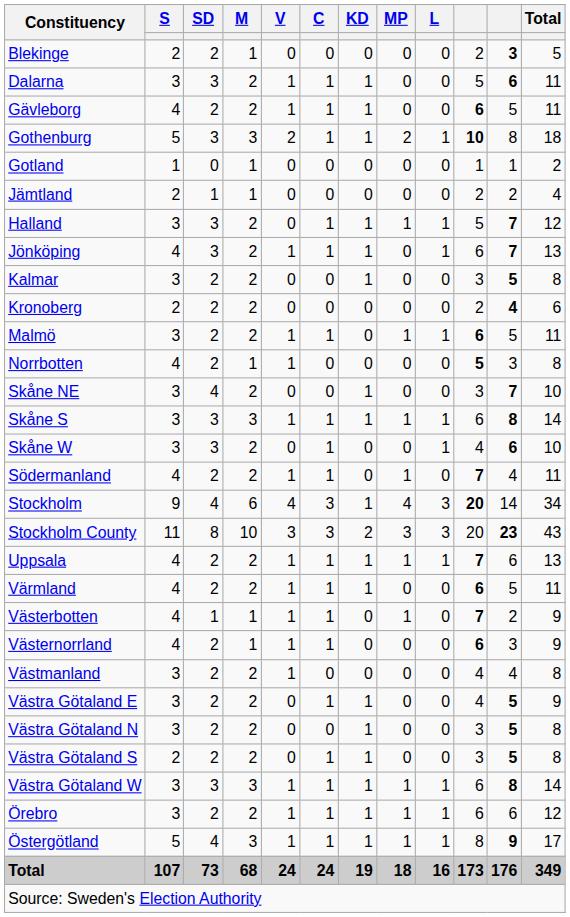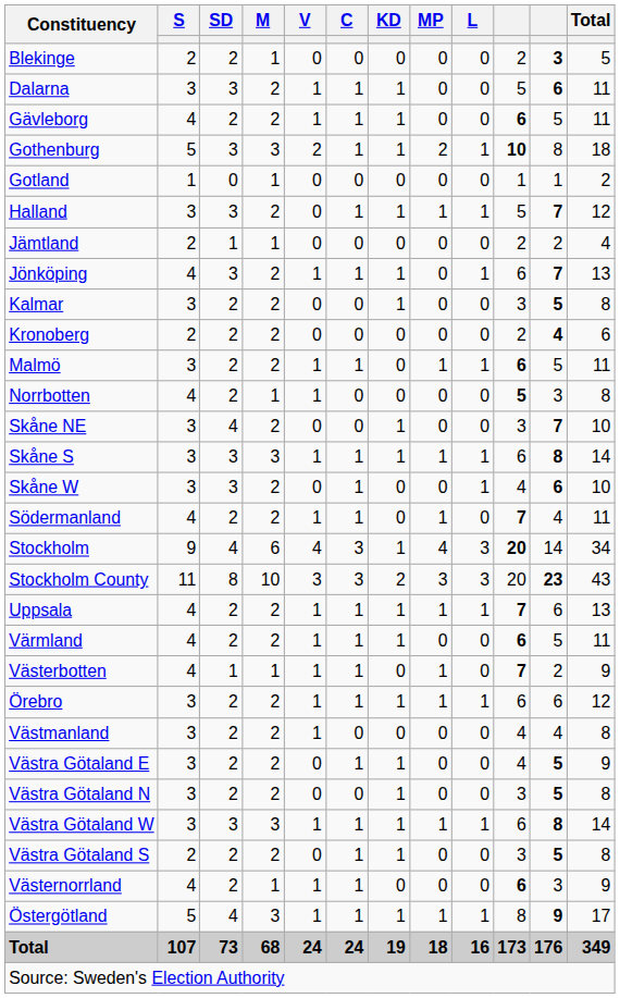 <table class="wikitable sortable" style="text-align:right; font-size:95%; line-height:20px;">
 <tr>
 <th rowspan="2">Constituency</th>
 <th width="30px" class="unsortable"><a href='#'>S</a></th>
 <th width="30px" class="unsortable"><a href='#'>SD</a></th>
 <th width="30px" class="unsortable"><a href='#'>M</a></th>
 <th width="30px" class="unsortable"><a href='#'>V</a></th>
 <th width="30px" class="unsortable"><a href='#'>C</a></th>
 <th width="30px" class="unsortable"><a href='#'>KD</a></th>
 <th width="30px" class="unsortable"><a href='#'>MP</a></th>
 <th width="30px" class="unsortable"><a href='#'>L</a></th>
 <th></th>
 <th></th>
 <th>Total</th>
 </tr>
 <tr>
 <th style="background:"></th>
 <th style="background:"></th>
 <th style="background:"></th>
 <th style="background:"></th>
 <th style="background:"></th>
 <th style="background:"></th>
 <th style="background:"></th>
 <th style="background:"></th>
 <th style="background:"></th>
 <th style="background:"></th>
 <th></th>
 </tr>
 <tr>
 <td align="left"><a href='#'>Blekinge</a></td>
 <td>2</td>
 <td>2</td>
 <td>1</td>
 <td>0</td>
 <td>0</td>
 <td>0</td>
 <td>0</td>
 <td>0</td>
 <td>2</td>
 <td><strong>3</strong></td>
 <td>5</td>
 </tr>
 <tr>
 <td align="left"><a href='#'>Dalarna</a></td>
 <td>3</td>
 <td>3</td>
 <td>2</td>
 <td>1</td>
 <td>1</td>
 <td>1</td>
 <td>0</td>
 <td>0</td>
 <td>5</td>
 <td><strong>6</strong></td>
 <td>11</td>
 </tr>
 <tr>
 <td align="left"><a href='#'>Gävleborg</a></td>
 <td>4</td>
 <td>2</td>
 <td>2</td>
 <td>1</td>
 <td>1</td>
 <td>1</td>
 <td>0</td>
 <td>0</td>
 <td><strong>6</strong></td>
 <td>5</td>
 <td>11</td>
 </tr>
 <tr>
 <td align="left"><a href='#'>Gothenburg</a></td>
 <td>5</td>
 <td>3</td>
 <td>3</td>
 <td>2</td>
 <td>1</td>
 <td>1</td>
 <td>2</td>
 <td>1</td>
 <td><strong>10</strong></td>
 <td>8</td>
 <td>18</td>
 </tr>
 <tr>
 <td align="left"><a href='#'>Gotland</a></td>
 <td>1</td>
 <td>0</td>
 <td>1</td>
 <td>0</td>
 <td>0</td>
 <td>0</td>
 <td>0</td>
 <td>0</td>
 <td>1</td>
 <td>1</td>
 <td>2</td>
 </tr>
 <tr>
+<td align="left"><a href='#'>Halland</a></td>
+<td>3</td>
+<td>3</td>
+<td>2</td>
+<td>0</td>
+<td>1</td>
+<td>1</td>
+<td>1</td>
+<td>1</td>
+<td>5</td>
+<td><strong>7</strong></td>
+<td>12</td>
+</tr>
+<tr>
 <td align="left"><a href='#'>Jämtland</a></td>
 <td>2</td>
 <td>1</td>
 <td>1</td>
 <td>0</td>
 <td>0</td>
 <td>0</td>
 <td>0</td>
 <td>0</td>
 <td>2</td>
 <td>2</td>
 <td>4</td>
-</tr>
-<tr>
-<td align="left"><a href='#'>Halland</a></td>
-<td>3</td>
-<td>3</td>
-<td>2</td>
-<td>0</td>
-<td>1</td>
-<td>1</td>
-<td>1</td>
-<td>1</td>
-<td>5</td>
-<td><strong>7</strong></td>
-<td>12</td>
 </tr>
 <tr>
 <td align="left"><a href='#'>Jönköping</a></td>
 <td>4</td>
 <td>3</td>
 <td>2</td>
 <td>1</td>
 <td>1</td>
 <td>1</td>
 <td>0</td>
 <td>1</td>
 <td>6</td>
 <td><strong>7</strong></td>
 <td>13</td>
 </tr>
 <tr>
 <td align="left"><a href='#'>Kalmar</a></td>
 <td>3</td>
 <td>2</td>
 <td>2</td>
 <td>0</td>
 <td>0</td>
 <td>1</td>
 <td>0</td>
 <td>0</td>
 <td>3</td>
 <td><strong>5</strong></td>
 <td>8</td>
 </tr>
 <tr>
 <td align="left"><a href='#'>Kronoberg</a></td>
 <td>2</td>
 <td>2</td>
 <td>2</td>
 <td>0</td>
 <td>0</td>
 <td>0</td>
 <td>0</td>
 <td>0</td>
 <td>2</td>
 <td><strong>4</strong></td>
 <td>6</td>
 </tr>
 <tr>
 <td align="left"><a href='#'>Malmö</a></td>
 <td>3</td>
 <td>2</td>
 <td>2</td>
 <td>1</td>
 <td>1</td>
 <td>0</td>
 <td>1</td>
 <td>1</td>
 <td><strong>6</strong></td>
 <td>5</td>
 <td>11</td>
 </tr>
 <tr>
 <td align="left"><a href='#'>Norrbotten</a></td>
 <td>4</td>
 <td>2</td>
 <td>1</td>
 <td>1</td>
 <td>0</td>
 <td>0</td>
 <td>0</td>
 <td>0</td>
 <td><strong>5</strong></td>
 <td>3</td>
 <td>8</td>
 </tr>
 <tr>
 <td align="left"><a href='#'>Skåne NE</a></td>
 <td>3</td>
 <td>4</td>
 <td>2</td>
 <td>0</td>
 <td>0</td>
 <td>1</td>
 <td>0</td>
 <td>0</td>
 <td>3</td>
 <td><strong>7</strong></td>
 <td>10</td>
 </tr>
 <tr>
 <td align="left"><a href='#'>Skåne S</a></td>
 <td>3</td>
 <td>3</td>
 <td>3</td>
 <td>1</td>
 <td>1</td>
 <td>1</td>
 <td>1</td>
 <td>1</td>
 <td>6</td>
 <td><strong>8</strong></td>
 <td>14</td>
 </tr>
 <tr>
 <td align="left"><a href='#'>Skåne W</a></td>
 <td>3</td>
 <td>3</td>
 <td>2</td>
 <td>0</td>
 <td>1</td>
 <td>0</td>
 <td>0</td>
 <td>1</td>
 <td>4</td>
 <td><strong>6</strong></td>
 <td>10</td>
 </tr>
 <tr>
 <td align="left"><a href='#'>Södermanland</a></td>
 <td>4</td>
 <td>2</td>
 <td>2</td>
 <td>1</td>
 <td>1</td>
 <td>0</td>
 <td>1</td>
 <td>0</td>
 <td><strong>7</strong></td>
 <td>4</td>
 <td>11</td>
 </tr>
 <tr>
 <td align="left"><a href='#'>Stockholm</a></td>
 <td>9</td>
 <td>4</td>
 <td>6</td>
 <td>4</td>
 <td>3</td>
 <td>1</td>
 <td>4</td>
 <td>3</td>
 <td><strong>20</strong></td>
 <td>14</td>
 <td>34</td>
 </tr>
 <tr>
 <td align="left"><a href='#'>Stockholm County</a></td>
 <td>11</td>
 <td>8</td>
 <td>10</td>
 <td>3</td>
 <td>3</td>
 <td>2</td>
 <td>3</td>
 <td>3</td>
 <td>20</td>
 <td><strong>23</strong></td>
 <td>43</td>
 </tr>
 <tr>
 <td align="left"><a href='#'>Uppsala</a></td>
 <td>4</td>
 <td>2</td>
 <td>2</td>
 <td>1</td>
 <td>1</td>
 <td>1</td>
 <td>1</td>
 <td>1</td>
 <td><strong>7</strong></td>
 <td>6</td>
 <td>13</td>
 </tr>
 <tr>
 <td align="left"><a href='#'>Värmland</a></td>
 <td>4</td>
 <td>2</td>
 <td>2</td>
 <td>1</td>
 <td>1</td>
 <td>1</td>
 <td>0</td>
 <td>0</td>
 <td><strong>6</strong></td>
 <td>5</td>
 <td>11</td>
 </tr>
 <tr>
 <td align="left"><a href='#'>Västerbotten</a></td>
 <td>4</td>
 <td>1</td>
 <td>1</td>
 <td>1</td>
 <td>1</td>
 <td>0</td>
 <td>1</td>
 <td>0</td>
 <td><strong>7</strong></td>
 <td>2</td>
 <td>9</td>
 </tr>
 <tr>
-<td align="left"><a href='#'>Västernorrland</a></td>
-<td>4</td>
+<td align="left"><a href='#'>Örebro</a></td>
+<td>3</td>
+<td>2</td>
 <td>2</td>
 <td>1</td>
 <td>1</td>
 <td>1</td>
-<td>0</td>
-<td>0</td>
-<td>0</td>
-<td><strong>6</strong></td>
-<td>3</td>
-<td>9</td>
+<td>1</td>
+<td>1</td>
+<td>6</td>
+<td>6</td>
+<td>12</td>
 </tr>
 <tr>
 <td align="left"><a href='#'>Västmanland</a></td>
 <td>3</td>
 <td>2</td>
 <td>2</td>
 <td>1</td>
 <td>0</td>
 <td>0</td>
 <td>0</td>
 <td>0</td>
 <td>4</td>
 <td>4</td>
 <td>8</td>
 </tr>
 <tr>
 <td align="left"><a href='#'>Västra Götaland E</a></td>
 <td>3</td>
 <td>2</td>
 <td>2</td>
 <td>0</td>
 <td>1</td>
 <td>1</td>
 <td>0</td>
 <td>0</td>
 <td>4</td>
 <td><strong>5</strong></td>
 <td>9</td>
 </tr>
 <tr>
 <td align="left"><a href='#'>Västra Götaland N</a></td>
 <td>3</td>
 <td>2</td>
 <td>2</td>
 <td>0</td>
 <td>0</td>
 <td>1</td>
 <td>0</td>
 <td>0</td>
 <td>3</td>
 <td><strong>5</strong></td>
 <td>8</td>
 </tr>
 <tr>
+<td align="left"><a href='#'>Västra Götaland W</a></td>
+<td>3</td>
+<td>3</td>
+<td>3</td>
+<td>1</td>
+<td>1</td>
+<td>1</td>
+<td>1</td>
+<td>1</td>
+<td>6</td>
+<td><strong>8</strong></td>
+<td>14</td>
+</tr>
+<tr>
 <td align="left"><a href='#'>Västra Götaland S</a></td>
 <td>2</td>
 <td>2</td>
 <td>2</td>
 <td>0</td>
 <td>1</td>
 <td>1</td>
 <td>0</td>
 <td>0</td>
 <td>3</td>
 <td><strong>5</strong></td>
 <td>8</td>
 </tr>
 <tr>
-<td align="left"><a href='#'>Västra Götaland W</a></td>
-<td>3</td>
-<td>3</td>
-<td>3</td>
-<td>1</td>
-<td>1</td>
-<td>1</td>
-<td>1</td>
-<td>1</td>
-<td>6</td>
-<td><strong>8</strong></td>
-<td>14</td>
-</tr>
-<tr>
-<td align="left"><a href='#'>Örebro</a></td>
-<td>3</td>
-<td>2</td>
+<td align="left"><a href='#'>Västernorrland</a></td>
+<td>4</td>
 <td>2</td>
 <td>1</td>
 <td>1</td>
 <td>1</td>
-<td>1</td>
-<td>1</td>
-<td>6</td>
-<td>6</td>
-<td>12</td>
+<td>0</td>
+<td>0</td>
+<td>0</td>
+<td><strong>6</strong></td>
+<td>3</td>
+<td>9</td>
 </tr>
 <tr>
 <td align="left"><a href='#'>Östergötland</a></td>
 <td>5</td>
 <td>4</td>
 <td>3</td>
 <td>1</td>
 <td>1</td>
 <td>1</td>
 <td>1</td>
 <td>1</td>
 <td>8</td>
 <td><strong>9</strong></td>
 <td>17</td>
 </tr>
 <tr style="background:#CDCDCD;">
 <td align="left"><strong>Total</strong></td>
 <td><strong>107</strong></td>
 <td><strong>73</strong></td>
 <td><strong>68</strong></td>
 <td><strong>24</strong></td>
 <td><strong>24</strong></td>
 <td><strong>19</strong></td>
 <td><strong>18</strong></td>
 <td><strong>16</strong></td>
 <td><strong>173</strong></td>
 <td><strong>176</strong></td>
 <td><strong>349</strong></td>
 </tr>
 <tr>
 <td colspan="12" align="left">Source: Sweden's <a href='#'>Election Authority</a></td>
 </tr>
 </table>
